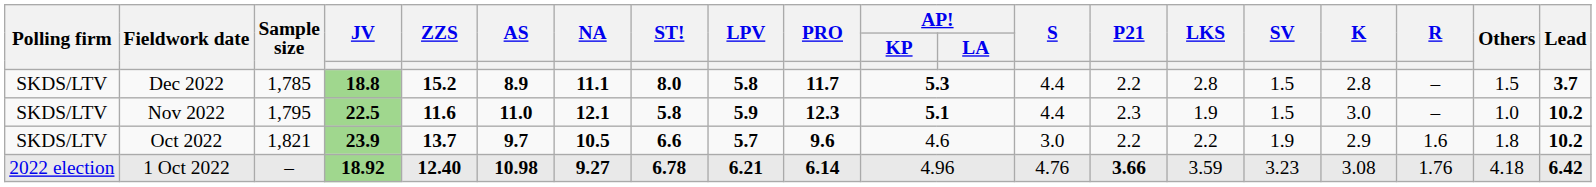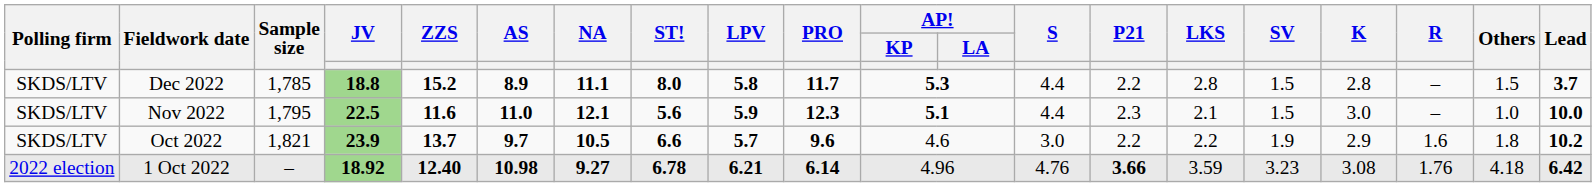 <table class="wikitable sortable mw-datatable" style="text-align:center;font-size:90%;line-height:14px;">
 <tr>
 <th rowspan="3">Polling firm</th>
 <th class="unsortable" rowspan="3">Fieldwork date</th>
 <th class="unsortable" rowspan="3">Sample<br>size</th>
 <th class="unsortable" style="width:50px;" rowspan="2"><a href='#'>JV</a></th>
 <th class="unsortable" style="width:50px;" rowspan="2"><a href='#'>ZZS</a></th>
 <th class="unsortable" style="width:50px;" rowspan="2"><a href='#'>AS</a></th>
 <th class="unsortable" style="width:50px;" rowspan="2"><a href='#'>NA</a></th>
 <th class="unsortable" style="width:50px;" rowspan="2"><a href='#'>ST!</a></th>
 <th class="unsortable" style="width:50px;" rowspan="2"><a href='#'>LPV</a></th>
 <th class="unsortable" style="width:50px;" rowspan="2"><a href='#'>PRO</a></th>
 <th class="unsortable" style="width:50px;" colspan="2"><a href='#'>AP!</a></th>
 <th class="unsortable" style="width:50px;" rowspan="2"><a href='#'>S</a></th>
 <th class="unsortable" style="width:50px;" rowspan="2"><a href='#'>P21</a></th>
 <th class="unsortable" style="width:50px;" rowspan="2"><a href='#'>LKS</a></th>
 <th class="unsortable" style="width:50px;" rowspan="2"><a href='#'>SV</a></th>
 <th class="unsortable" style="width:50px;" rowspan="2"><a href='#'>K</a></th>
 <th class="unsortable" style="width:50px;" rowspan="2"><a href='#'>R</a></th>
 <th class="unsortable" style="width:30px;" rowspan="3">Others</th>
 <th class="unsortable" style="width:30px;" rowspan="3">Lead</th>
 </tr>
 <tr>
 <th class="unsortable" style="width:50px;"><a href='#'>KP</a></th>
 <th class="unsortable" style="width:50px;"><a href='#'>LA</a></th>
 </tr>
 <tr>
 <th data-sort-type="number" style="background:"></th>
 <th data-sort-type="number" style="background:"></th>
 <th data-sort-type="number" style="background:"></th>
 <th data-sort-type="number" style="background:"></th>
 <th data-sort-type="number" style="background:"></th>
 <th data-sort-type="number" style="background:"></th>
 <th data-sort-type="number" style="background:"></th>
 <th data-sort-type="number" style="background:"></th>
 <th data-sort-type="number" style="background:"></th>
 <th data-sort-type="number" style="background:"></th>
 <th data-sort-type="number" style="background:"></th>
 <th data-sort-type="number" style="background:"></th>
 <th data-sort-type="number" style="background:"></th>
 <th data-sort-type="number" style="background:"></th>
 <th data-sort-type="number" style="background:"></th>
 </tr>
 <tr>
 <td>SKDS/LTV</td>
 <td>Dec 2022</td>
 <td>1,785</td>
 <td style="background:#A0D78E"><strong>18.8</strong></td>
 <td><strong>15.2</strong></td>
 <td><strong>8.9</strong></td>
 <td><strong>11.1</strong></td>
 <td><strong>8.0</strong></td>
 <td><strong>5.8</strong></td>
 <td><strong>11.7</strong></td>
 <td colspan="2"><strong>5.3</strong></td>
 <td>4.4</td>
 <td>2.2</td>
 <td>2.8</td>
 <td>1.5</td>
 <td>2.8</td>
 <td>–</td>
 <td>1.5</td>
 <td style="background:"><strong>3.7</strong></td>
 </tr>
 <tr>
 <td>SKDS/LTV</td>
 <td>Nov 2022</td>
 <td>1,795</td>
 <td style="background:#A0D78E"><strong>22.5</strong></td>
 <td><strong>11.6</strong></td>
 <td><strong>11.0</strong></td>
 <td><strong>12.1</strong></td>
-<td><strong>5.8</strong></td>
+<td><strong>5.6</strong></td>
 <td><strong>5.9</strong></td>
 <td><strong>12.3</strong></td>
 <td colspan="2"><strong>5.1</strong></td>
 <td>4.4</td>
 <td>2.3</td>
-<td>1.9</td>
+<td>2.1</td>
 <td>1.5</td>
 <td>3.0</td>
 <td>–</td>
 <td>1.0</td>
-<td style="background:"><strong>10.2</strong></td>
+<td style="background:"><strong>10.0</strong></td>
 </tr>
 <tr>
 <td>SKDS/LTV</td>
 <td>Oct 2022</td>
 <td>1,821</td>
 <td style="background:#A0D78E"><strong>23.9</strong></td>
 <td><strong>13.7</strong></td>
 <td><strong>9.7</strong></td>
 <td><strong>10.5</strong></td>
 <td><strong>6.6</strong></td>
 <td><strong>5.7</strong></td>
 <td><strong>9.6</strong></td>
 <td colspan="2">4.6</td>
 <td>3.0</td>
 <td>2.2</td>
 <td>2.2</td>
 <td>1.9</td>
 <td>2.9</td>
 <td>1.6</td>
 <td>1.8</td>
 <td style="background:"><strong>10.2</strong></td>
 </tr>
 <tr style="background:#E9E9E9;">
 <td><a href='#'>2022 election</a></td>
 <td>1 Oct 2022</td>
 <td>–</td>
 <td style="background:#A0D78E"><strong>18.92</strong></td>
 <td><strong>12.40</strong></td>
 <td><strong>10.98</strong></td>
 <td><strong>9.27</strong></td>
 <td><strong>6.78</strong></td>
 <td><strong>6.21</strong></td>
 <td><strong>6.14</strong></td>
 <td colspan="2">4.96</td>
 <td>4.76</td>
 <td><strong>3.66</strong></td>
 <td>3.59</td>
 <td>3.23</td>
 <td>3.08</td>
 <td>1.76</td>
 <td>4.18</td>
 <td style="background:"><strong>6.42</strong></td>
 </tr>
 </table>
